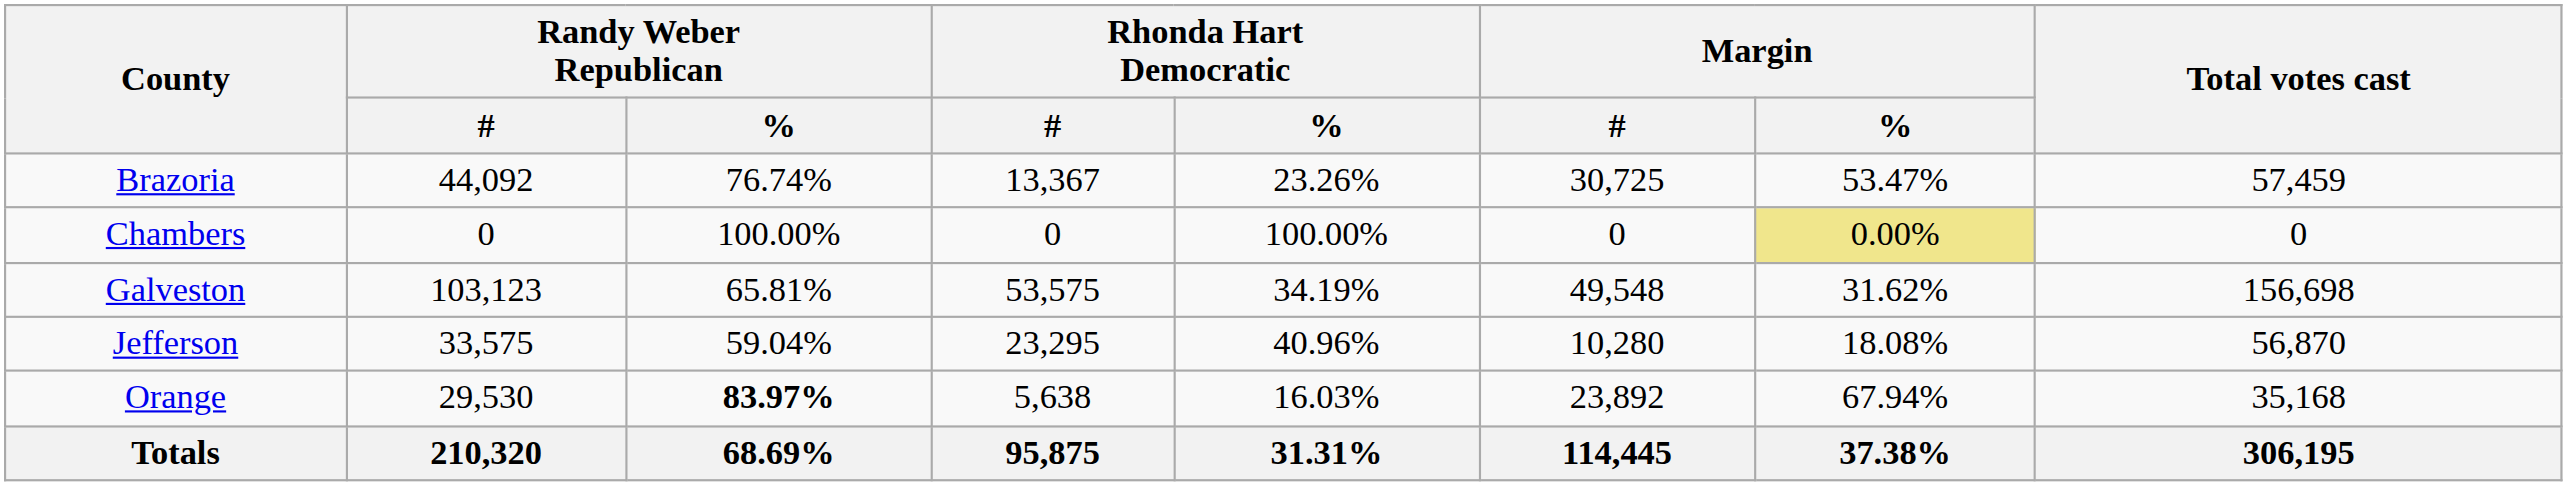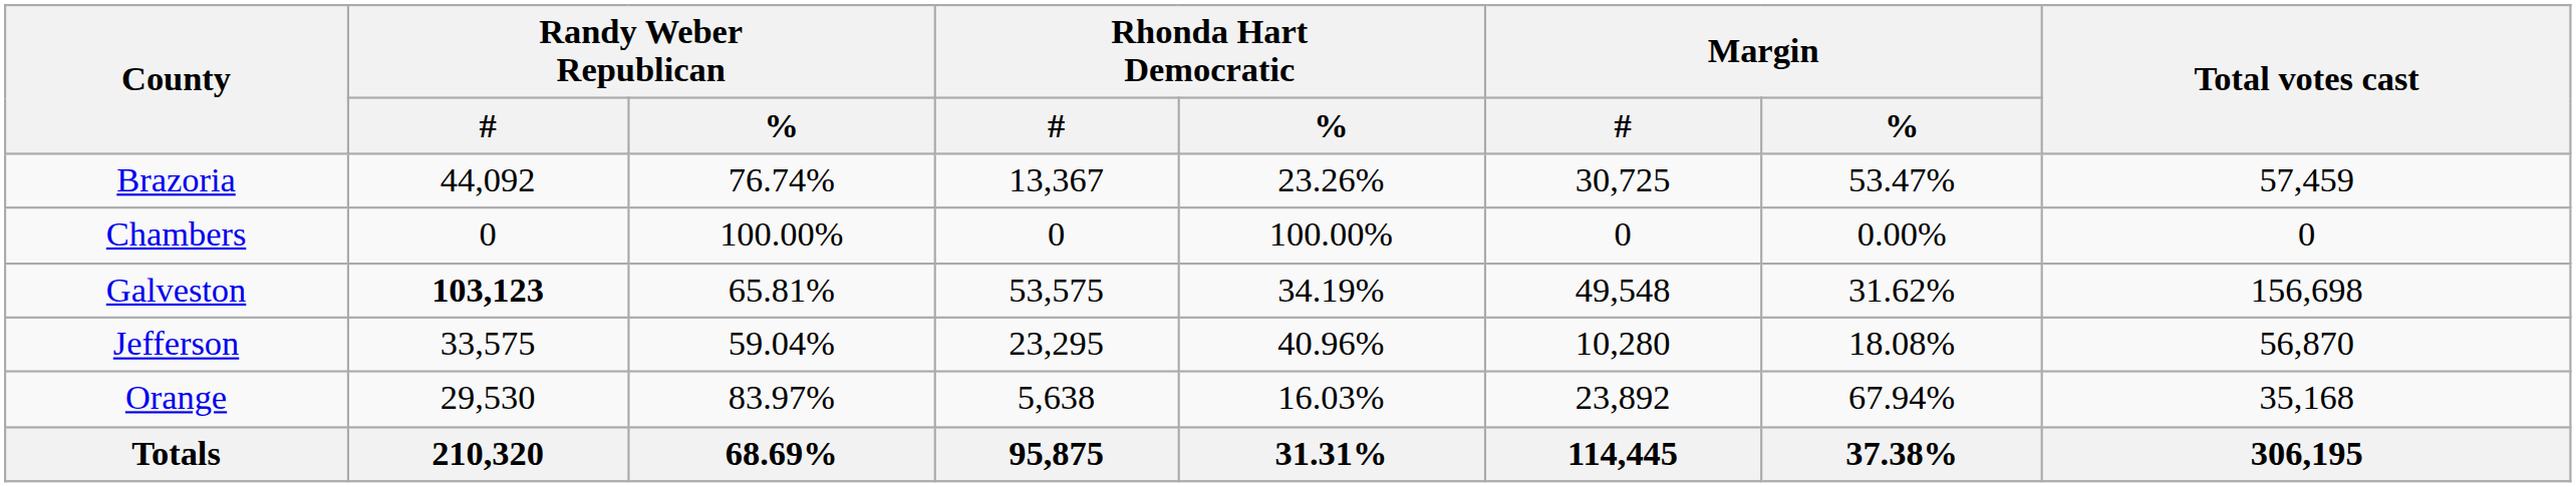 <table width="60%"  class="wikitable sortable" style="text-align:center">
 <tr>
 <th rowspan="2">County</th>
 <th style="text-align:center;" colspan="2">Randy Weber<br>Republican</th>
 <th style="text-align:center;" colspan="2">Rhonda Hart<br>Democratic</th>
 <th style="text-align:center;" colspan="2">Margin</th>
 <th rowspan="2" style="text-align:center;">Total votes cast</th>
 </tr>
 <tr>
 <th style="text-align:center;" data-sort-type="number">#</th>
 <th style="text-align:center;" data-sort-type="number">%</th>
 <th style="text-align:center;" data-sort-type="number">#</th>
 <th style="text-align:center;" data-sort-type="number">%</th>
 <th style="text-align:center;" data-sort-type="number">#</th>
 <th style="text-align:center;" data-sort-type="number">%</th>
 </tr>
 <tr style="text-align:center;">
 <td style="background-color:"><a href='#'>Brazoria</a></td>
 <td style="background-color:">44,092</td>
 <td style="background-color:">76.74%</td>
 <td style="color:black;background-color:">13,367</td>
 <td style="color:black;background-color:">23.26%</td>
 <td style="background-color:">30,725</td>
 <td style="background-color:">53.47%</td>
 <td style="background-color:">57,459</td>
 </tr>
 <tr style="text-align:center;">
 <td><a href='#'>Chambers</a></td>
 <td style="background-color:">0</td>
 <td style="background-color:">100.00%</td>
 <td style="color:black;background-color:">0</td>
 <td style="color:black;background-color:">100.00%</td>
 <td>0</td>
-<td style="background: khaki;">0.00%</td>
+<td>0.00%</td>
 <td>0</td>
 </tr>
 <tr style="text-align:center;">
 <td style="background-color:"><a href='#'>Galveston</a></td>
-<td style="background-color:">103,123</td>
+<td style="background-color:"><strong>103,123</strong></td>
 <td style="background-color:">65.81%</td>
 <td style="color:black;background-color:">53,575</td>
 <td style="color:black;background-color:">34.19%</td>
 <td style="background-color:">49,548</td>
 <td style="background-color:">31.62%</td>
 <td style="background-color:">156,698</td>
 </tr>
 <tr style="text-align:center;">
 <td style="background-color:"><a href='#'>Jefferson</a></td>
 <td style="background-color:">33,575</td>
 <td style="background-color:">59.04%</td>
 <td style="color:black;background-color:">23,295</td>
 <td style="color:black;background-color:">40.96%</td>
 <td style="background-color:">10,280</td>
 <td style="background-color:">18.08%</td>
 <td style="background-color:">56,870</td>
 </tr>
 <tr style="text-align:center;">
 <td style="background-color:"><a href='#'>Orange</a></td>
 <td style="background-color:">29,530</td>
-<td style="background-color:"><strong>83.97%</strong></td>
+<td style="background-color:">83.97%</td>
 <td style="color:black;background-color:">5,638</td>
 <td style="color:black;background-color:">16.03%</td>
 <td style="background-color:">23,892</td>
 <td style="background-color:">67.94%</td>
 <td style="background-color:">35,168</td>
 </tr>
 <tr style="text-align:center;">
 <th>Totals</th>
 <th>210,320</th>
 <th>68.69%</th>
 <th>95,875</th>
 <th>31.31%</th>
 <th>114,445</th>
 <th>37.38%</th>
 <th>306,195</th>
 </tr>
 </table>
